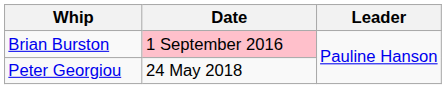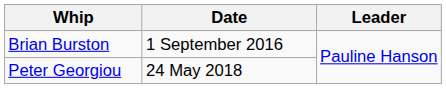 <table class=wikitable>
 <tr>
 <th width=125px>Whip</th>
 <th width=160px>Date</th>
 <th>Leader</th>
 </tr>
 <tr>
 <td><a href='#'>Brian Burston</a></td>
-<td style="background: pink;">1 September 2016</td>
+<td>1 September 2016</td>
 <td rowspan=2><a href='#'>Pauline Hanson</a></td>
 </tr>
 <tr>
 <td><a href='#'>Peter Georgiou</a></td>
 <td>24 May 2018</td>
 </tr>
 </table>
